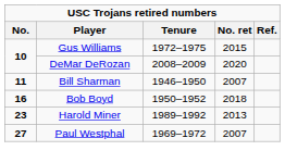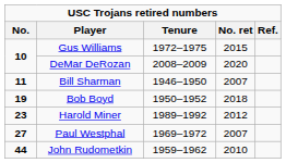 <table class="wikitable sortable" style="text-align:center">
 <tr>
 <td colspan="5"><strong>USC Trojans retired numbers</strong></td>
 </tr>
 <tr>
 <th width=40px>No.</th>
 <th width=150px>Player</th>
 <th width=100px>Tenure</th>
 <th width=px>No. ret</th>
 <th width=px>Ref.</th>
 </tr>
 <tr>
 <td rowspan=2><strong>10</strong></td>
 <td><a href='#'>Gus Williams</a></td>
 <td>1972–1975</td>
 <td>2015</td>
 <td></td>
 </tr>
 <tr>
 <td><a href='#'>DeMar DeRozan</a></td>
 <td>2008–2009</td>
 <td>2020</td>
 <td></td>
 </tr>
 <tr>
 <td><strong>11</strong></td>
 <td><a href='#'>Bill Sharman</a></td>
 <td>1946–1950</td>
 <td>2007</td>
 <td></td>
 </tr>
 <tr>
-<td><strong>16</strong></td>
+<td><strong>19</strong></td>
 <td><a href='#'>Bob Boyd</a></td>
 <td>1950–1952</td>
 <td>2018</td>
 <td></td>
 </tr>
 <tr>
 <td><strong>23</strong></td>
 <td><a href='#'>Harold Miner</a></td>
 <td>1989–1992</td>
-<td>2013</td>
+<td>2012</td>
 <td></td>
 </tr>
 <tr>
 <td><strong>27</strong></td>
 <td><a href='#'>Paul Westphal</a></td>
 <td>1969–1972</td>
 <td>2007</td>
 <td></td>
 </tr>
+<tr>
+<td><strong>44</strong></td>
+<td><a href='#'>John Rudometkin</a></td>
+<td>1959–1962</td>
+<td>2010</td>
+<td></td>
+</tr>
 </table>
